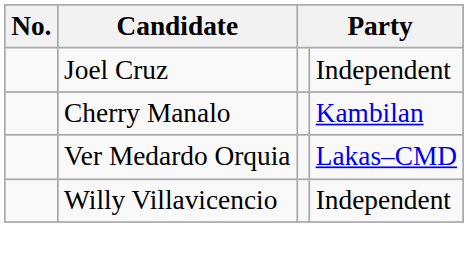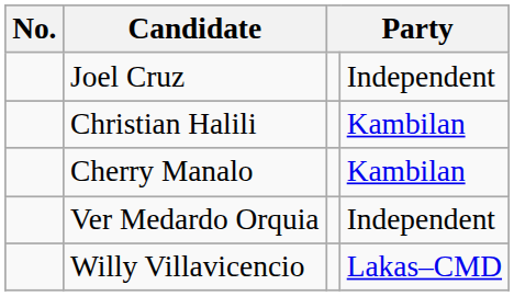 <table class="wikitable sortable" style="text-align:left;">
 <tr>
 <th>No.</th>
 <th>Candidate</th>
 <th colspan="2">Party</th>
 </tr>
 <tr>
 <td></td>
 <td>Joel Cruz</td>
 <td></td>
 <td>Independent</td>
 </tr>
 <tr>
 <td></td>
+<td>Christian Halili</td>
+<td></td>
+<td><a href='#'>Kambilan</a></td>
+</tr>
+<tr>
+<td></td>
 <td>Cherry Manalo</td>
 <td></td>
 <td><a href='#'>Kambilan</a></td>
 </tr>
 <tr>
 <td></td>
 <td>Ver Medardo Orquia</td>
 <td></td>
-<td><a href='#'>Lakas–CMD</a></td>
+<td>Independent</td>
 </tr>
 <tr>
 <td></td>
 <td>Willy Villavicencio</td>
 <td></td>
-<td>Independent</td>
+<td><a href='#'>Lakas–CMD</a></td>
 </tr>
 </table>
